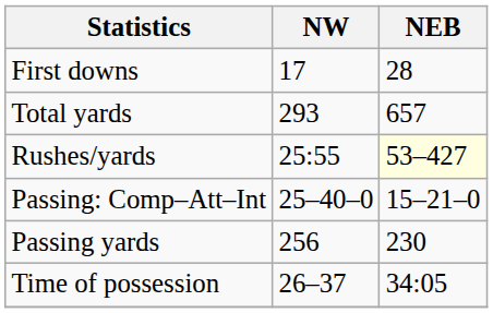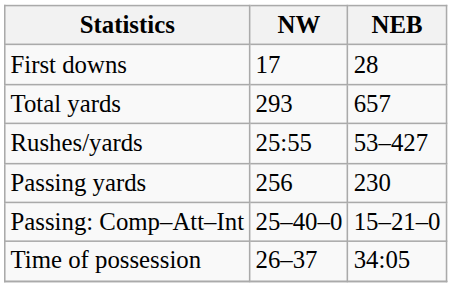 <table class="wikitable" style="float: left;">
 <tr>
 <th>Statistics</th>
 <th>NW</th>
 <th>NEB</th>
 </tr>
 <tr>
 <td>First downs</td>
 <td>17</td>
 <td>28</td>
 </tr>
 <tr>
 <td>Total yards</td>
 <td>293</td>
 <td>657</td>
 </tr>
 <tr>
 <td>Rushes/yards</td>
 <td>25:55</td>
-<td style="background: lightyellow;">53–427</td>
+<td>53–427</td>
+</tr>
+<tr>
+<td>Passing yards</td>
+<td>256</td>
+<td>230</td>
 </tr>
 <tr>
 <td>Passing: Comp–Att–Int</td>
 <td>25–40–0</td>
 <td>15–21–0</td>
-</tr>
-<tr>
-<td>Passing yards</td>
-<td>256</td>
-<td>230</td>
 </tr>
 <tr>
 <td>Time of possession</td>
 <td>26–37</td>
 <td>34:05</td>
 </tr>
 <tr>
 </tr>
 </table>
